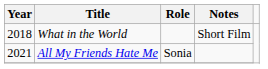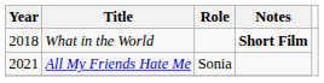 <table class = "wikitable sortable">
 <tr>
 <th>Year</th>
 <th>Title</th>
 <th>Role</th>
 <th class = "unsortable">Notes</th>
 <td></td>
 </tr>
 <tr>
 <td>2018</td>
 <td><em>What in the World</em></td>
 <td></td>
-<td>Short Film</td>
+<td><strong>Short Film</strong></td>
 </tr>
 <tr>
 <td>2021</td>
 <td><em><a href='#'>All My Friends Hate Me</a></em></td>
 <td>Sonia</td>
 <td></td>
 </tr>
 <tr>
 </tr>
 </table>
